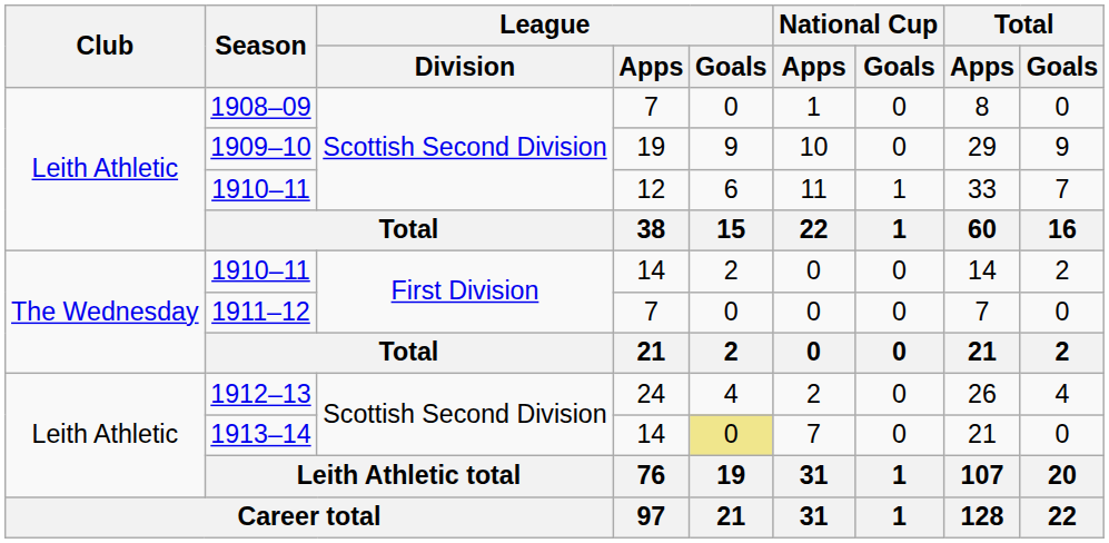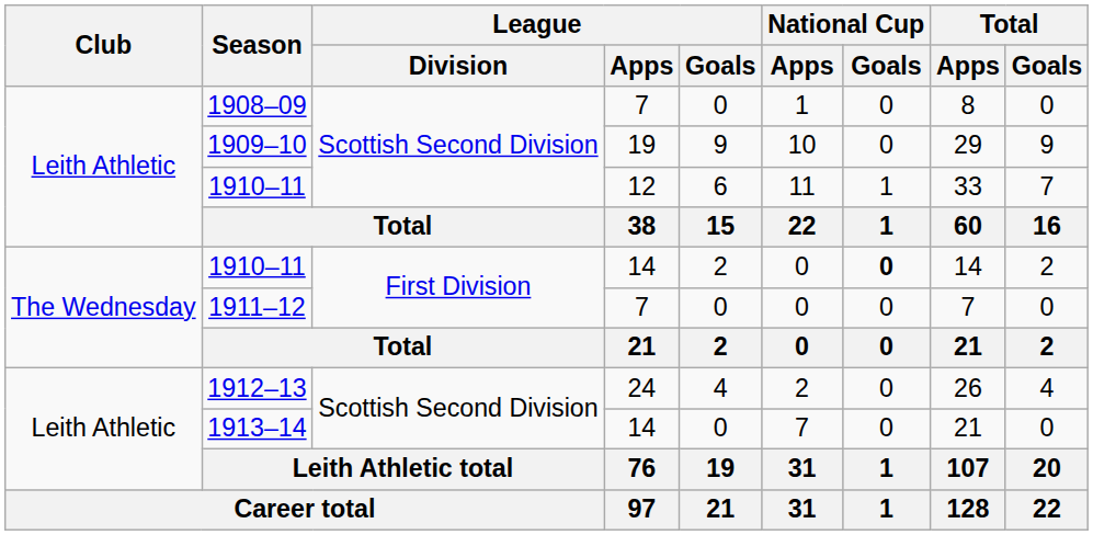 <table class="wikitable" style="text-align: center;">
 <tr>
 <th rowspan="2">Club</th>
 <th rowspan="2">Season</th>
 <th colspan="3">League</th>
 <th colspan="2">National Cup</th>
 <th colspan="2">Total</th>
 </tr>
 <tr>
 <th>Division</th>
 <th>Apps</th>
 <th>Goals</th>
 <th>Apps</th>
 <th>Goals</th>
 <th>Apps</th>
 <th>Goals</th>
 </tr>
 <tr>
 <td rowspan="4"><a href='#'>Leith Athletic</a></td>
 <td><a href='#'>1908–09</a></td>
 <td rowspan="3"><a href='#'>Scottish Second Division</a></td>
 <td>7</td>
 <td>0</td>
 <td>1</td>
 <td>0</td>
 <td>8</td>
 <td>0</td>
 </tr>
 <tr>
 <td><a href='#'>1909–10</a></td>
 <td>19</td>
 <td>9</td>
 <td>10</td>
 <td>0</td>
 <td>29</td>
 <td>9</td>
 </tr>
 <tr>
 <td><a href='#'>1910–11</a></td>
 <td>12</td>
 <td>6</td>
 <td>11</td>
 <td>1</td>
 <td>33</td>
 <td>7</td>
 </tr>
 <tr>
 <th colspan="2">Total</th>
 <th>38</th>
 <th>15</th>
 <th>22</th>
 <th>1</th>
 <th>60</th>
 <th>16</th>
 </tr>
 <tr>
 <td rowspan="3"><a href='#'>The Wednesday</a></td>
 <td><a href='#'>1910–11</a></td>
 <td rowspan="2"><a href='#'>First Division</a></td>
 <td>14</td>
 <td>2</td>
 <td>0</td>
-<td>0</td>
+<td><strong>0</strong></td>
 <td>14</td>
 <td>2</td>
 </tr>
 <tr>
 <td><a href='#'>1911–12</a></td>
 <td>7</td>
 <td>0</td>
 <td>0</td>
 <td>0</td>
 <td>7</td>
 <td>0</td>
 </tr>
 <tr>
 <th colspan="2">Total</th>
 <th>21</th>
 <th>2</th>
 <th>0</th>
 <th>0</th>
 <th>21</th>
 <th>2</th>
 </tr>
 <tr>
 <td rowspan="3">Leith Athletic</td>
 <td><a href='#'>1912–13</a></td>
 <td rowspan="2">Scottish Second Division</td>
 <td>24</td>
 <td>4</td>
 <td>2</td>
 <td>0</td>
 <td>26</td>
 <td>4</td>
 </tr>
 <tr>
 <td><a href='#'>1913–14</a></td>
 <td>14</td>
-<td style="background: khaki;">0</td>
+<td>0</td>
 <td>7</td>
 <td>0</td>
 <td>21</td>
 <td>0</td>
 </tr>
 <tr>
 <th colspan="2">Leith Athletic total</th>
 <th>76</th>
 <th>19</th>
 <th>31</th>
 <th>1</th>
 <th>107</th>
 <th>20</th>
 </tr>
 <tr>
 <th colspan="3">Career total</th>
 <th>97</th>
 <th>21</th>
 <th>31</th>
 <th>1</th>
 <th>128</th>
 <th>22</th>
 </tr>
 </table>
